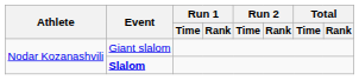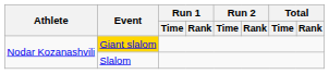 <table class="wikitable" style="font-size:90%">
 <tr>
 <th rowspan=2>Athlete</th>
 <th rowspan=2>Event</th>
 <th colspan=2>Run 1</th>
 <th colspan=2>Run 2</th>
 <th colspan=2>Total</th>
 </tr>
 <tr style="font-size:95%">
 <th>Time</th>
 <th>Rank</th>
 <th>Time</th>
 <th>Rank</th>
 <th>Time</th>
 <th>Rank</th>
 </tr>
 <tr align=center>
 <td align="left" rowspan="2"><a href='#'>Nodar Kozanashvili</a></td>
-<td align="left"><a href='#'>Giant slalom</a></td>
+<td align="left" style="background: gold;"><a href='#'>Giant slalom</a></td>
 <td colspan=6></td>
 </tr>
 <tr align=center>
-<td align="left"><strong><a href='#'>Slalom</a></strong></td>
+<td align="left"><a href='#'>Slalom</a></td>
 <td colspan=6></td>
 </tr>
 </table>
